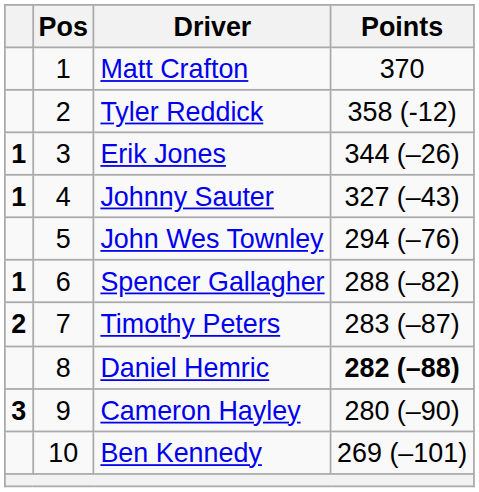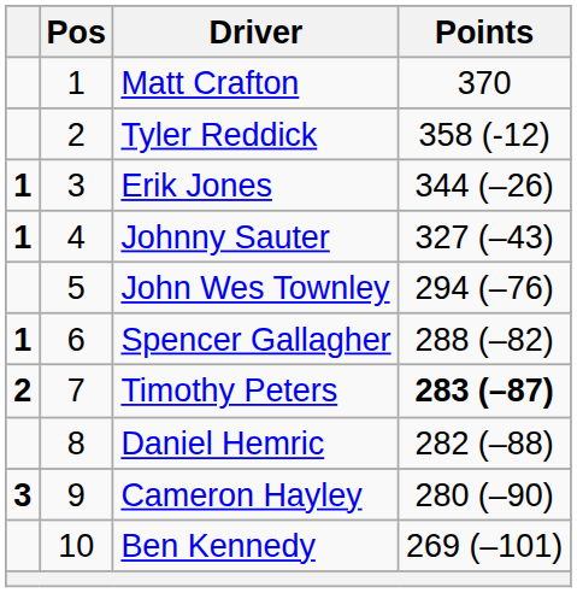 <table class="wikitable" style="font-size: 95%;">
 <tr>
 <th></th>
 <th>Pos</th>
 <th>Driver</th>
 <th>Points</th>
 </tr>
 <tr>
 <td align="left"></td>
 <td style="text-align:center;">1</td>
 <td><a href='#'>Matt Crafton</a></td>
 <td style="text-align:center;">370</td>
 </tr>
 <tr>
 <td align="left"></td>
 <td style="text-align:center;">2</td>
 <td><a href='#'>Tyler Reddick</a></td>
 <td style="text-align:center;">358 (-12)</td>
 </tr>
 <tr>
 <td align="left"> <strong>1</strong></td>
 <td style="text-align:center;">3</td>
 <td><a href='#'>Erik Jones</a></td>
 <td style="text-align:center;">344 (–26)</td>
 </tr>
 <tr>
 <td align="left"> <strong>1</strong></td>
 <td style="text-align:center;">4</td>
 <td><a href='#'>Johnny Sauter</a></td>
 <td style="text-align:center;">327 (–43)</td>
 </tr>
 <tr>
 <td align="left"></td>
 <td style="text-align:center;">5</td>
 <td><a href='#'>John Wes Townley</a></td>
 <td style="text-align:center;">294 (–76)</td>
 </tr>
 <tr>
 <td align="left"> <strong>1</strong></td>
 <td style="text-align:center;">6</td>
 <td><a href='#'>Spencer Gallagher</a></td>
 <td style="text-align:center;">288 (–82)</td>
 </tr>
 <tr>
 <td align="left"> <strong>2</strong></td>
 <td style="text-align:center;">7</td>
 <td><a href='#'>Timothy Peters</a></td>
-<td style="text-align:center;">283 (–87)</td>
+<td style="text-align:center;"><strong>283 (–87)</strong></td>
 </tr>
 <tr>
 <td align="left"></td>
 <td style="text-align:center;">8</td>
 <td><a href='#'>Daniel Hemric</a></td>
-<td style="text-align:center;"><strong>282 (–88)</strong></td>
+<td style="text-align:center;">282 (–88)</td>
 </tr>
 <tr>
 <td align="left"> <strong>3</strong></td>
 <td style="text-align:center;">9</td>
 <td><a href='#'>Cameron Hayley</a></td>
 <td style="text-align:center;">280 (–90)</td>
 </tr>
 <tr>
 <td align="left"></td>
 <td style="text-align:center;">10</td>
 <td><a href='#'>Ben Kennedy</a></td>
 <td style="text-align:center;">269 (–101)</td>
 </tr>
 <tr>
 <th colspan="9"></th>
 </tr>
 </table>
